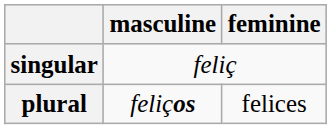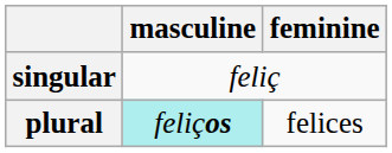 <table class="wikitable" style="text-align:center;">
 <tr>
 <th></th>
 <th>masculine</th>
 <th>feminine</th>
 </tr>
 <tr>
 <th>singular</th>
 <td colspan="2"><em>feliç</em></td>
 </tr>
 <tr>
 <th>plural</th>
-<td><em>feliç<strong>os<strong><em></td>
+<td style="background: paleturquoise;"><em>feliç<strong>os<strong><em></td>
 <td></em>felic</strong>es</em></strong></td>
 </tr>
 </table>
